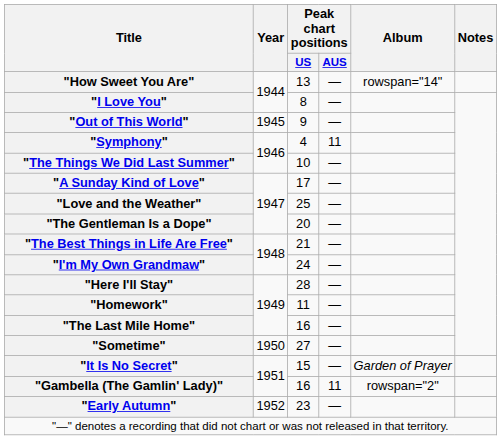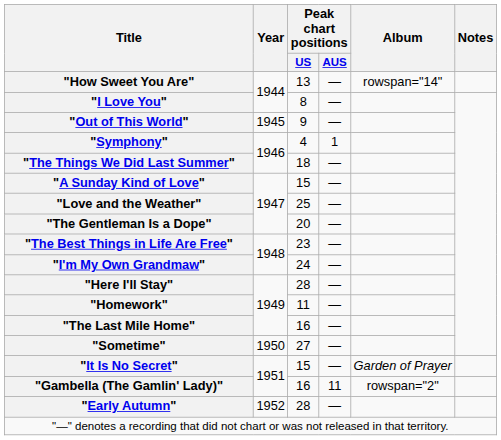 <table class="wikitable plainrowheaders" style="text-align:center;" border="1">
 <tr>
 <th scope="col" rowspan="2" style="width:19em;">Title</th>
 <th scope="col" rowspan="2">Year</th>
 <th scope="col" colspan="2">Peak chart positions</th>
 <th scope="col" rowspan="2">Album</th>
 <th scope="col" rowspan="2">Notes</th>
 </tr>
 <tr>
 <th scope="col" style="width:2em;font-size:90%;"><a href='#'>US</a><br></th>
 <th scope="col" style="width:2em;font-size:90%;"><a href='#'>AUS</a><br></th>
 </tr>
 <tr>
 <th scope="row">"How Sweet You Are"</th>
 <td rowspan="2">1944</td>
 <td>13</td>
 <td>—</td>
 <td>rowspan="14" </td>
 <td></td>
 </tr>
 <tr>
 <th scope="row">"<a href='#'>I Love You</a>"</th>
 <td>8</td>
 <td>—</td>
 <td></td>
 </tr>
 <tr>
 <th scope="row">"<a href='#'>Out of This World</a>"</th>
 <td>1945</td>
 <td>9</td>
 <td>—</td>
 <td></td>
 </tr>
 <tr>
 <th scope="row">"<a href='#'>Symphony</a>"</th>
 <td rowspan="2">1946</td>
 <td>4</td>
-<td>11</td>
+<td>1</td>
 <td></td>
 </tr>
 <tr>
 <th scope="row">"<a href='#'>The Things We Did Last Summer</a>"</th>
-<td>10</td>
+<td>18</td>
 <td>—</td>
 <td></td>
 </tr>
 <tr>
 <th scope="row">"<a href='#'>A Sunday Kind of Love</a>"</th>
 <td rowspan="3">1947</td>
-<td>17</td>
+<td>15</td>
 <td>—</td>
 <td></td>
 </tr>
 <tr>
 <th scope="row">"Love and the Weather"</th>
 <td>25</td>
 <td>—</td>
 <td></td>
 </tr>
 <tr>
 <th scope="row">"The Gentleman Is a Dope"</th>
 <td>20</td>
 <td>—</td>
 <td></td>
 </tr>
 <tr>
 <th scope="row">"<a href='#'>The Best Things in Life Are Free</a>"</th>
 <td rowspan="2">1948</td>
-<td>21</td>
+<td>23</td>
 <td>—</td>
 <td></td>
 </tr>
 <tr>
 <th scope="row">"<a href='#'>I'm My Own Grandmaw</a>"</th>
 <td>24</td>
 <td>—</td>
 <td></td>
 </tr>
 <tr>
 <th scope="row">"Here I'll Stay"</th>
 <td rowspan="3">1949</td>
 <td>28</td>
 <td>—</td>
 <td></td>
 </tr>
 <tr>
 <th scope="row">"Homework"</th>
 <td>11</td>
 <td>—</td>
 <td></td>
 </tr>
 <tr>
 <th scope="row">"The Last Mile Home"</th>
 <td>16</td>
 <td>—</td>
 <td></td>
 </tr>
 <tr>
 <th scope="row">"Sometime"</th>
 <td>1950</td>
 <td>27</td>
 <td>—</td>
 <td></td>
 </tr>
 <tr>
 <th scope="row">"<a href='#'>It Is No Secret</a>"</th>
 <td rowspan="2">1951</td>
 <td>15</td>
 <td>—</td>
 <td><em>Garden of Prayer</em></td>
 <td></td>
 </tr>
 <tr>
 <th scope="row">"Gambella (The Gamlin' Lady)"<br></th>
 <td>16</td>
 <td>11</td>
 <td>rowspan="2" </td>
 <td></td>
 </tr>
 <tr>
 <th scope="row">"<a href='#'>Early Autumn</a>"</th>
 <td>1952</td>
-<td>23</td>
+<td>28</td>
 <td>—</td>
 <td></td>
 </tr>
 <tr>
 <td colspan="6" style="font-size:90%">"—" denotes a recording that did not chart or was not released in that territory.</td>
 </tr>
 </table>
